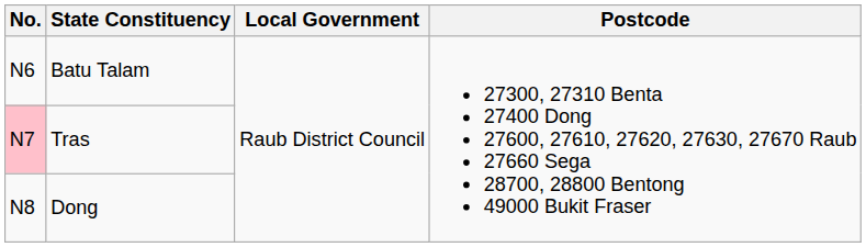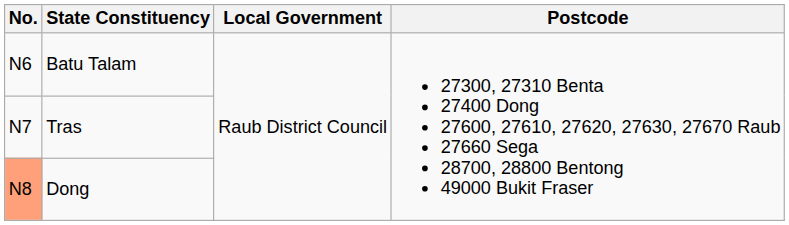 <table class="wikitable">
 <tr>
 <th>No.</th>
 <th>State Constituency</th>
 <th>Local Government</th>
 <th>Postcode</th>
 </tr>
 <tr>
 <td>N6</td>
 <td>Batu Talam</td>
 <td rowspan="3">Raub District Council</td>
 <td rowspan="3"><br><ul><li>27300, 27310 Benta</li><li>27400 Dong</li><li>27600, 27610, 27620, 27630, 27670 Raub</li><li>27660 Sega</li><li>28700, 28800 Bentong</li><li>49000 Bukit Fraser</li></ul></td>
 </tr>
 <tr>
-<td style="background: pink;">N7</td>
+<td>N7</td>
 <td>Tras</td>
 </tr>
 <tr>
-<td>N8</td>
+<td style="background: lightsalmon;">N8</td>
 <td>Dong</td>
 </tr>
 </table>
